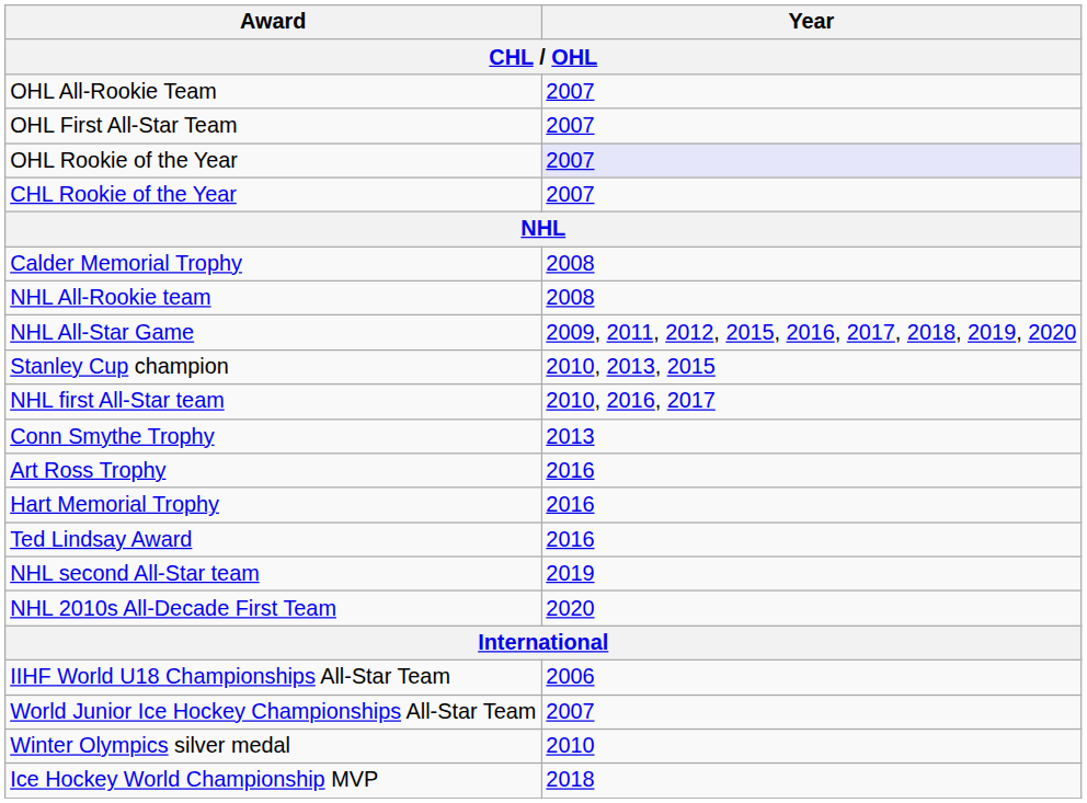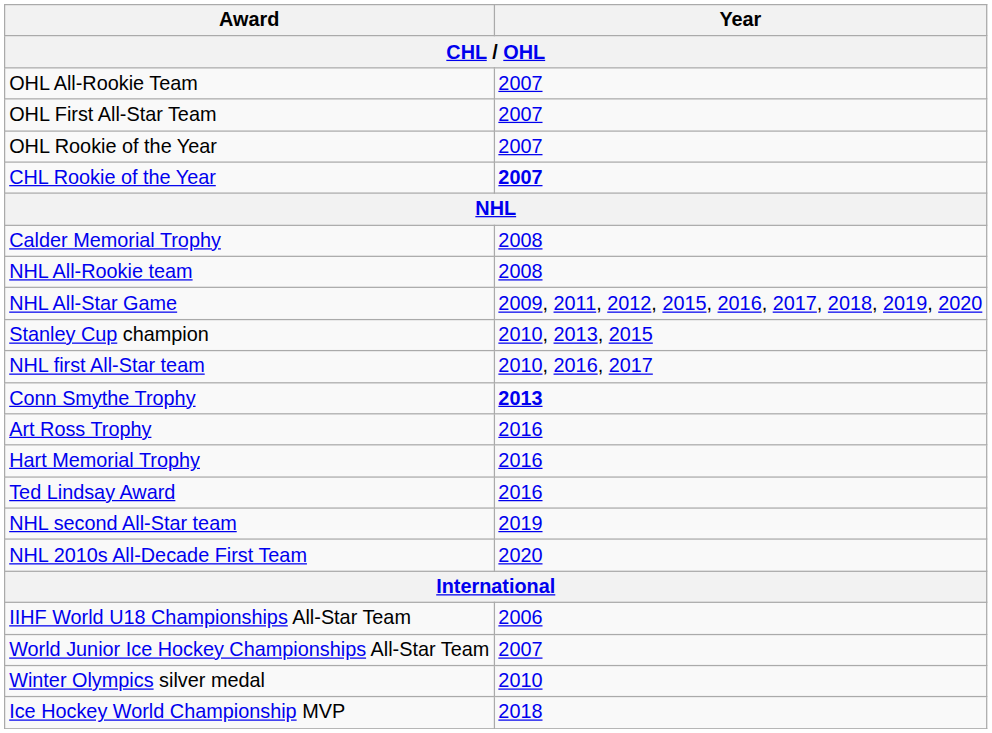 <table class="wikitable">
 <tr>
 <th>Award</th>
 <th>Year</th>
 </tr>
 <tr>
 <th colspan="2"><a href='#'>CHL</a> / <a href='#'>OHL</a></th>
 </tr>
 <tr>
 <td>OHL All-Rookie Team</td>
 <td><a href='#'>2007</a></td>
 </tr>
 <tr>
 <td>OHL First All-Star Team</td>
 <td><a href='#'>2007</a></td>
 </tr>
 <tr>
 <td>OHL Rookie of the Year</td>
-<td style="background: lavender;"><a href='#'>2007</a></td>
+<td><a href='#'>2007</a></td>
 </tr>
 <tr>
 <td><a href='#'>CHL Rookie of the Year</a></td>
-<td><a href='#'>2007</a></td>
+<td><strong><a href='#'>2007</a></strong></td>
 </tr>
 <tr>
 <th colspan="2"><a href='#'>NHL</a></th>
 </tr>
 <tr>
 <td><a href='#'>Calder Memorial Trophy</a></td>
 <td><a href='#'>2008</a></td>
 </tr>
 <tr>
 <td><a href='#'>NHL All-Rookie team</a></td>
 <td><a href='#'>2008</a></td>
 </tr>
 <tr>
 <td><a href='#'>NHL All-Star Game</a></td>
 <td><a href='#'>2009</a>, <a href='#'>2011</a>, <a href='#'>2012</a>, <a href='#'>2015</a>, <a href='#'>2016</a>, <a href='#'>2017</a>, <a href='#'>2018</a>, <a href='#'>2019</a>, <a href='#'>2020</a></td>
 </tr>
 <tr>
 <td><a href='#'>Stanley Cup</a> champion</td>
 <td><a href='#'>2010</a>, <a href='#'>2013</a>, <a href='#'>2015</a></td>
 </tr>
 <tr>
 <td><a href='#'>NHL first All-Star team</a></td>
 <td><a href='#'>2010</a>, <a href='#'>2016</a>, <a href='#'>2017</a></td>
 </tr>
 <tr>
 <td><a href='#'>Conn Smythe Trophy</a></td>
-<td><a href='#'>2013</a></td>
+<td><strong><a href='#'>2013</a></strong></td>
 </tr>
 <tr>
 <td><a href='#'>Art Ross Trophy</a></td>
 <td><a href='#'>2016</a></td>
 </tr>
 <tr>
 <td><a href='#'>Hart Memorial Trophy</a></td>
 <td><a href='#'>2016</a></td>
 </tr>
 <tr>
 <td><a href='#'>Ted Lindsay Award</a></td>
 <td><a href='#'>2016</a></td>
 </tr>
 <tr>
 <td><a href='#'>NHL second All-Star team</a></td>
 <td><a href='#'>2019</a></td>
 </tr>
 <tr>
 <td><a href='#'>NHL 2010s All-Decade First Team</a></td>
 <td><a href='#'>2020</a></td>
 </tr>
 <tr>
 <th colspan="2"><a href='#'>International</a></th>
 </tr>
 <tr>
 <td><a href='#'>IIHF World U18 Championships</a> All-Star Team</td>
 <td><a href='#'>2006</a></td>
 </tr>
 <tr>
 <td><a href='#'>World Junior Ice Hockey Championships</a> All-Star Team</td>
 <td><a href='#'>2007</a></td>
 </tr>
 <tr>
 <td><a href='#'>Winter Olympics</a> silver medal</td>
 <td><a href='#'>2010</a></td>
 </tr>
 <tr>
 <td><a href='#'>Ice Hockey World Championship</a> MVP</td>
 <td><a href='#'>2018</a></td>
 </tr>
 </table>
